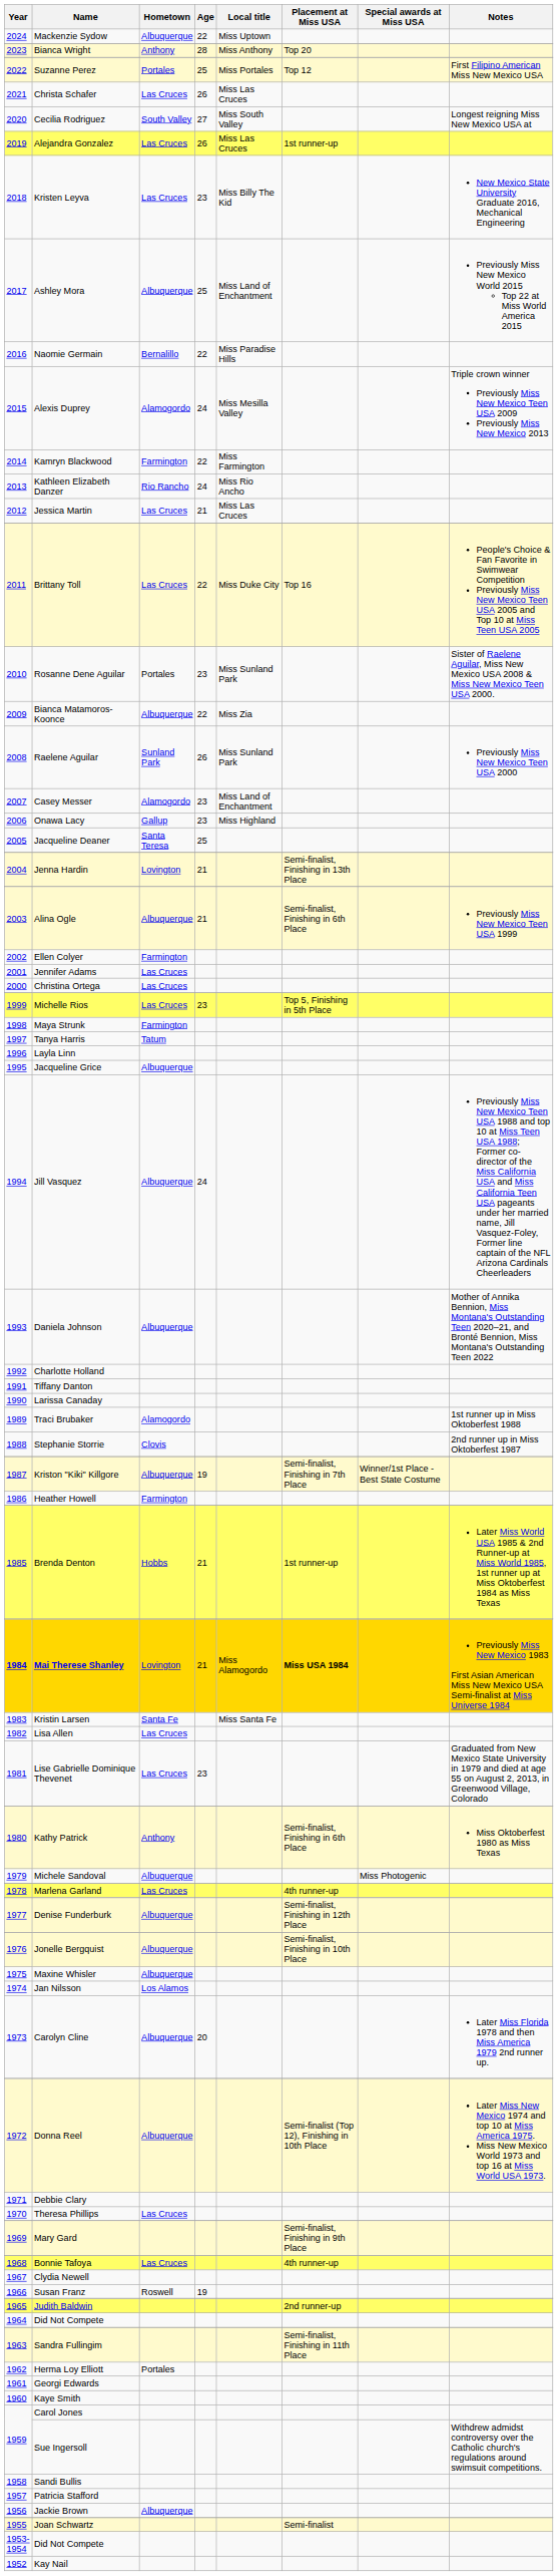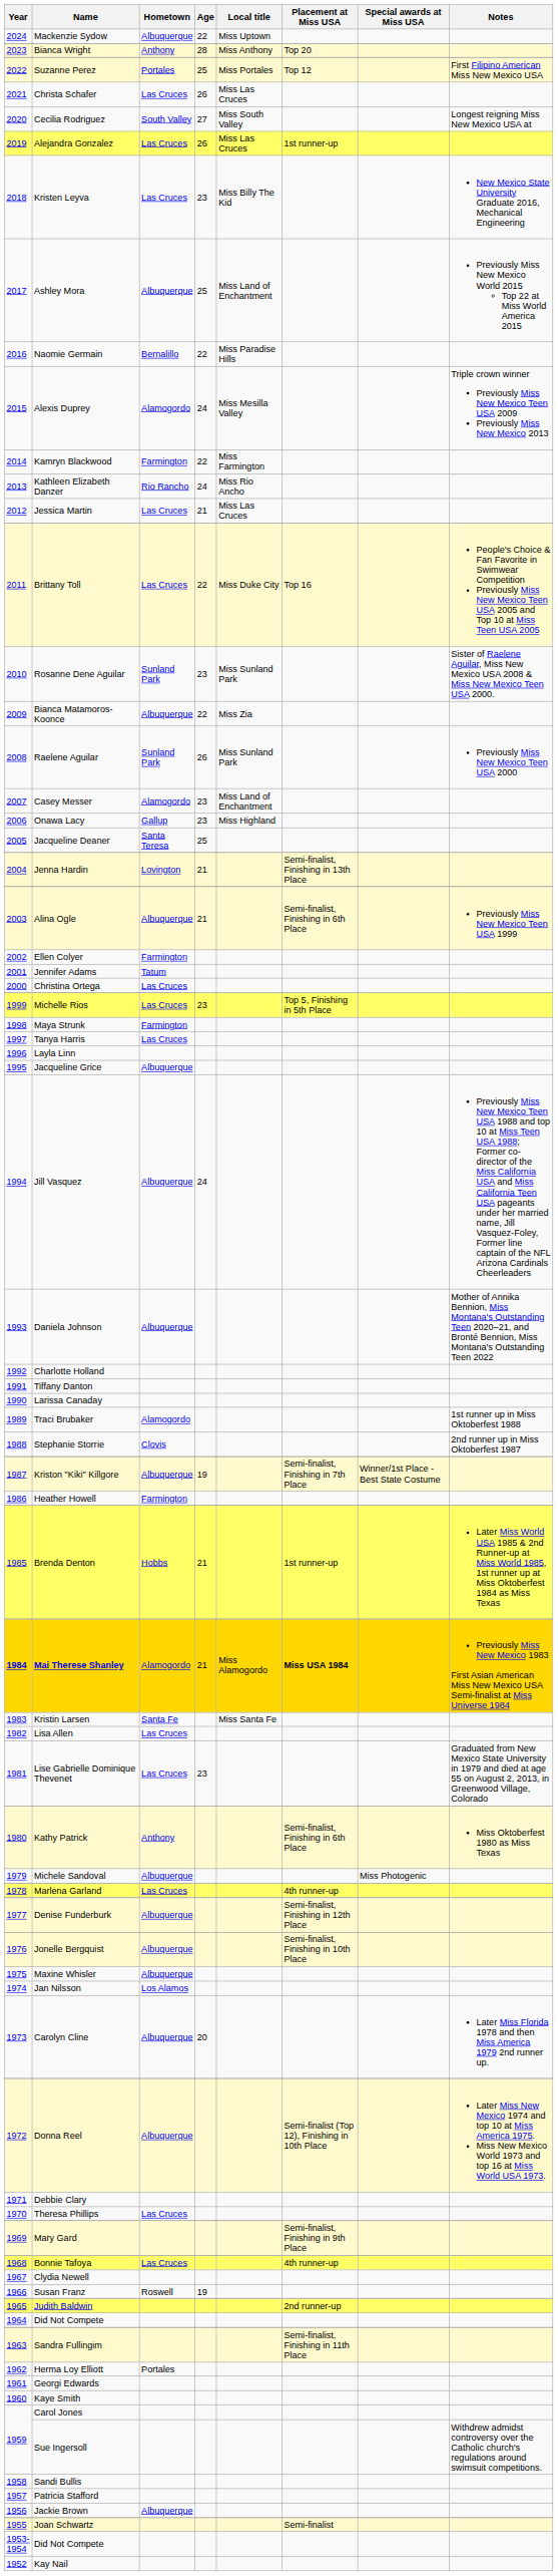 <table class="wikitable sortable" style="font-size:90%;">
 <tr bgcolor="#efefef">
 <th width=5%>Year</th>
 <th width=20%>Name</th>
 <th width=10%>Hometown</th>
 <th width=3%>Age</th>
 <th width="12%">Local title</th>
 <th width=14%>Placement at Miss USA</th>
 <th width=17%>Special awards at Miss USA</th>
 <th width=31%>Notes</th>
 </tr>
 <tr>
 <td><a href='#'>2024</a></td>
 <td>Mackenzie Sydow</td>
 <td><a href='#'>Albuquerque</a></td>
 <td>22</td>
 <td>Miss Uptown</td>
 <td></td>
 <td></td>
 <td></td>
 </tr>
 <tr>
 </tr>
 <tr style="background-color:#FFFACD;">
 <td><a href='#'>2023</a></td>
 <td>Bianca Wright</td>
 <td><a href='#'>Anthony</a></td>
 <td>28</td>
 <td>Miss Anthony</td>
 <td>Top 20</td>
 <td></td>
 <td></td>
 </tr>
 <tr>
 </tr>
 <tr style="background-color:#FFFACD;">
 <td><a href='#'>2022</a></td>
 <td>Suzanne Perez</td>
 <td><a href='#'>Portales</a></td>
 <td>25</td>
 <td>Miss Portales</td>
 <td>Top 12</td>
 <td></td>
 <td>First <a href='#'>Filipino American</a> Miss New Mexico USA</td>
 </tr>
 <tr>
 <td><a href='#'>2021</a></td>
 <td>Christa Schafer</td>
 <td><a href='#'>Las Cruces</a></td>
 <td>26</td>
 <td>Miss Las Cruces</td>
 <td></td>
 <td></td>
 <td></td>
 </tr>
 <tr>
 <td><a href='#'>2020</a></td>
 <td>Cecilia Rodriguez</td>
 <td><a href='#'>South Valley</a></td>
 <td>27</td>
 <td>Miss South Valley</td>
 <td></td>
 <td></td>
 <td>Longest reigning Miss New Mexico USA at </td>
 </tr>
 <tr style="background-color:#FFFF66;">
 <td><a href='#'>2019</a></td>
 <td>Alejandra Gonzalez</td>
 <td><a href='#'>Las Cruces</a></td>
 <td>26</td>
 <td>Miss Las Cruces</td>
 <td>1st runner-up</td>
 <td></td>
 <td></td>
 </tr>
 <tr>
 <td><a href='#'>2018</a></td>
 <td>Kristen Leyva</td>
 <td><a href='#'>Las Cruces</a></td>
 <td>23</td>
 <td>Miss Billy The Kid</td>
 <td></td>
 <td></td>
 <td><br><ul><li><a href='#'>New Mexico State University</a> Graduate 2016, Mechanical Engineering</li></ul></td>
 </tr>
 <tr>
 <td><a href='#'>2017</a></td>
 <td>Ashley Mora</td>
 <td><a href='#'>Albuquerque</a></td>
 <td>25</td>
 <td>Miss Land of Enchantment</td>
 <td></td>
 <td></td>
 <td><br><ul><li>Previously Miss New Mexico World 2015<ul><li>Top 22 at Miss World America 2015</li></ul></li></ul></td>
 </tr>
 <tr>
 <td><a href='#'>2016</a></td>
 <td>Naomie Germain</td>
 <td><a href='#'>Bernalillo</a></td>
 <td>22</td>
 <td>Miss Paradise Hills</td>
 <td></td>
 <td></td>
 <td></td>
 </tr>
 <tr>
 <td><a href='#'>2015</a></td>
 <td>Alexis Duprey</td>
 <td><a href='#'>Alamogordo</a></td>
 <td>24</td>
 <td>Miss Mesilla Valley</td>
 <td></td>
 <td></td>
 <td>Triple crown winner<br><ul><li>Previously <a href='#'>Miss New Mexico Teen USA</a> 2009</li><li>Previously <a href='#'>Miss New Mexico</a> 2013</li></ul></td>
 </tr>
 <tr>
 <td><a href='#'>2014</a></td>
 <td>Kamryn Blackwood</td>
 <td><a href='#'>Farmington</a></td>
 <td>22</td>
 <td>Miss Farmington</td>
 <td></td>
 <td></td>
 <td></td>
 </tr>
 <tr>
 <td><a href='#'>2013</a></td>
 <td>Kathleen Elizabeth Danzer</td>
 <td><a href='#'>Rio Rancho</a></td>
 <td>24</td>
 <td>Miss Rio Ancho</td>
 <td></td>
 <td></td>
 <td></td>
 </tr>
 <tr>
 <td><a href='#'>2012</a></td>
 <td>Jessica Martin</td>
 <td><a href='#'>Las Cruces</a></td>
 <td>21</td>
 <td>Miss Las Cruces</td>
 <td></td>
 <td></td>
 <td></td>
 </tr>
 <tr>
 </tr>
 <tr style="background-color:#FFFACD;">
 <td><a href='#'>2011</a></td>
 <td>Brittany Toll</td>
 <td><a href='#'>Las Cruces</a></td>
 <td>22</td>
 <td>Miss Duke City</td>
 <td>Top 16</td>
 <td></td>
 <td><br><ul><li>People's Choice & Fan Favorite in Swimwear Competition</li><li>Previously <a href='#'>Miss New Mexico Teen USA</a> 2005 and Top 10 at <a href='#'>Miss Teen USA 2005</a></li></ul></td>
 </tr>
 <tr>
 <td><a href='#'>2010</a></td>
 <td>Rosanne Dene Aguilar</td>
-<td>Portales</td>
+<td><a href='#'>Sunland Park</a></td>
 <td>23</td>
 <td>Miss Sunland Park</td>
 <td></td>
 <td></td>
 <td>Sister of <a href='#'>Raelene Aguilar</a>, Miss New Mexico USA 2008 & <a href='#'>Miss New Mexico Teen USA</a> 2000.</td>
 </tr>
 <tr>
 <td><a href='#'>2009</a></td>
 <td>Bianca Matamoros-Koonce</td>
 <td><a href='#'>Albuquerque</a></td>
 <td>22</td>
 <td>Miss Zia</td>
 <td></td>
 <td></td>
 <td></td>
 </tr>
 <tr>
 <td><a href='#'>2008</a></td>
 <td>Raelene Aguilar</td>
 <td><a href='#'>Sunland Park</a></td>
 <td>26</td>
 <td>Miss Sunland Park</td>
 <td></td>
 <td></td>
 <td><br><ul><li>Previously <a href='#'>Miss New Mexico Teen USA</a> 2000</li></ul></td>
 </tr>
 <tr>
 <td><a href='#'>2007</a></td>
 <td>Casey Messer</td>
 <td><a href='#'>Alamogordo</a></td>
 <td>23</td>
 <td>Miss Land of Enchantment</td>
 <td></td>
 <td></td>
 <td></td>
 </tr>
 <tr>
 <td><a href='#'>2006</a></td>
 <td>Onawa Lacy</td>
 <td><a href='#'>Gallup</a></td>
 <td>23</td>
 <td>Miss Highland</td>
 <td></td>
 <td></td>
 </tr>
 <tr>
 <td><a href='#'>2005</a></td>
 <td>Jacqueline Deaner</td>
 <td><a href='#'>Santa Teresa</a></td>
 <td>25</td>
 <td></td>
 <td></td>
 <td></td>
 <td></td>
 </tr>
 <tr>
 </tr>
 <tr style="background-color:#FFFACD;">
 <td><a href='#'>2004</a></td>
 <td>Jenna Hardin</td>
 <td><a href='#'>Lovington</a></td>
 <td>21</td>
 <td></td>
 <td>Semi-finalist, Finishing in 13th Place</td>
 <td></td>
 <td></td>
 </tr>
 <tr>
 </tr>
 <tr style="background-color:#FFFACD;">
 <td><a href='#'>2003</a></td>
 <td>Alina Ogle</td>
 <td><a href='#'>Albuquerque</a></td>
 <td>21</td>
 <td></td>
 <td>Semi-finalist, Finishing in 6th Place</td>
 <td></td>
 <td><br><ul><li>Previously <a href='#'>Miss New Mexico Teen USA</a> 1999</li></ul></td>
 </tr>
 <tr>
 <td><a href='#'>2002</a></td>
 <td>Ellen Colyer</td>
 <td><a href='#'>Farmington</a></td>
 <td></td>
 <td></td>
 <td></td>
 <td></td>
 <td></td>
 </tr>
 <tr>
 <td><a href='#'>2001</a></td>
 <td>Jennifer Adams</td>
-<td><a href='#'>Las Cruces</a></td>
+<td><a href='#'>Tatum</a></td>
 <td></td>
 <td></td>
 <td></td>
 <td></td>
 <td></td>
 </tr>
 <tr>
 <td><a href='#'>2000</a></td>
 <td>Christina Ortega</td>
 <td><a href='#'>Las Cruces</a></td>
 <td></td>
 <td></td>
 <td></td>
 <td></td>
 <td></td>
 </tr>
 <tr>
 </tr>
 <tr style="background-color:#FFFF66;">
 <td><a href='#'>1999</a></td>
 <td>Michelle Rios</td>
 <td><a href='#'>Las Cruces</a></td>
 <td>23</td>
 <td></td>
 <td>Top 5, Finishing in 5th Place</td>
 <td></td>
 <td></td>
 </tr>
 <tr>
 <td><a href='#'>1998</a></td>
 <td>Maya Strunk</td>
 <td><a href='#'>Farmington</a></td>
 <td></td>
 <td></td>
 <td></td>
 <td></td>
 <td></td>
 </tr>
 <tr>
 <td><a href='#'>1997</a></td>
 <td>Tanya Harris</td>
-<td><a href='#'>Tatum</a></td>
+<td><a href='#'>Las Cruces</a></td>
 <td></td>
 <td></td>
 <td></td>
 <td></td>
 <td></td>
 </tr>
 <tr>
 <td><a href='#'>1996</a></td>
 <td>Layla Linn</td>
 <td></td>
 <td></td>
 <td></td>
 <td></td>
 <td></td>
 <td></td>
 </tr>
 <tr>
 <td><a href='#'>1995</a></td>
 <td>Jacqueline Grice</td>
 <td><a href='#'>Albuquerque</a></td>
 <td></td>
 <td></td>
 <td></td>
 <td></td>
 <td></td>
 </tr>
 <tr>
 <td><a href='#'>1994</a></td>
 <td>Jill Vasquez</td>
 <td><a href='#'>Albuquerque</a></td>
 <td>24</td>
 <td></td>
 <td></td>
 <td></td>
 <td><br><ul><li>Previously <a href='#'>Miss New Mexico Teen USA</a> 1988 and top 10 at <a href='#'>Miss Teen USA 1988</a>; Former co-director of the <a href='#'>Miss California USA</a> and <a href='#'>Miss California Teen USA</a> pageants under her married name, Jill Vasquez-Foley, Former line captain of the NFL Arizona Cardinals Cheerleaders</li></ul></td>
 </tr>
 <tr>
 <td><a href='#'>1993</a></td>
 <td>Daniela Johnson</td>
 <td><a href='#'>Albuquerque</a></td>
 <td></td>
 <td></td>
 <td></td>
 <td></td>
 <td>Mother of Annika Bennion, <a href='#'>Miss Montana's Outstanding Teen</a> 2020–21, and Bronté Bennion, Miss Montana's Outstanding Teen 2022</td>
 </tr>
 <tr>
 <td><a href='#'>1992</a></td>
 <td>Charlotte Holland</td>
 <td></td>
 <td></td>
 <td></td>
 <td></td>
 <td></td>
 <td></td>
 </tr>
 <tr>
 <td><a href='#'>1991</a></td>
 <td>Tiffany Danton</td>
 <td></td>
 <td></td>
 <td></td>
 <td></td>
 <td></td>
 <td></td>
 </tr>
 <tr>
 <td><a href='#'>1990</a></td>
 <td>Larissa Canaday</td>
 <td></td>
 <td></td>
 <td></td>
 <td></td>
 <td></td>
 <td></td>
 </tr>
 <tr>
 <td><a href='#'>1989</a></td>
 <td>Traci Brubaker</td>
 <td><a href='#'>Alamogordo</a></td>
 <td></td>
 <td></td>
 <td></td>
 <td></td>
 <td>1st runner up in Miss Oktoberfest 1988</td>
 </tr>
 <tr>
 <td><a href='#'>1988</a></td>
 <td>Stephanie Storrie</td>
 <td><a href='#'>Clovis</a></td>
 <td></td>
 <td></td>
 <td></td>
 <td></td>
 <td>2nd runner up in Miss Oktoberfest 1987</td>
 </tr>
 <tr>
 </tr>
 <tr style="background-color:#FFFACD;">
 <td><a href='#'>1987</a></td>
 <td>Kriston "Kiki" Killgore</td>
 <td><a href='#'>Albuquerque</a></td>
 <td>19</td>
 <td></td>
 <td>Semi-finalist, Finishing in 7th Place</td>
 <td>Winner/1st Place - Best State Costume</td>
 <td></td>
 </tr>
 <tr>
 <td><a href='#'>1986</a></td>
 <td>Heather Howell</td>
 <td><a href='#'>Farmington</a></td>
 <td></td>
 <td></td>
 <td></td>
 <td></td>
 <td></td>
 </tr>
 <tr>
 </tr>
 <tr style="background-color:#FFFF66;">
 <td><a href='#'>1985</a></td>
 <td>Brenda Denton</td>
 <td><a href='#'>Hobbs</a></td>
 <td>21</td>
 <td></td>
 <td>1st runner-up</td>
 <td></td>
 <td><br><ul><li>Later <a href='#'>Miss World USA</a> 1985 & 2nd Runner-up at <a href='#'>Miss World 1985</a>, 1st runner up at Miss Oktoberfest 1984 as Miss Texas</li></ul></td>
 </tr>
 <tr>
 </tr>
 <tr style="background-color:GOLD;">
 <td><strong><a href='#'>1984</a></strong></td>
 <td><strong><a href='#'>Mai Therese Shanley</a></strong></td>
-<td><a href='#'>Lovington</a></td>
+<td><a href='#'>Alamogordo</a></td>
 <td>21</td>
 <td>Miss Alamogordo</td>
 <td><strong>Miss USA 1984</strong></td>
 <td></td>
 <td><br><ul><li>Previously <a href='#'>Miss New Mexico</a> 1983</li></ul>First Asian American Miss New Mexico USA<br> Semi-finalist at <a href='#'>Miss Universe 1984</a></td>
 </tr>
 <tr>
 <td><a href='#'>1983</a></td>
 <td>Kristin Larsen</td>
 <td><a href='#'>Santa Fe</a></td>
 <td></td>
 <td>Miss Santa Fe</td>
 <td></td>
 <td></td>
 <td></td>
 </tr>
 <tr>
 <td><a href='#'>1982</a></td>
 <td>Lisa Allen</td>
 <td><a href='#'>Las Cruces</a></td>
 <td></td>
 <td></td>
 <td></td>
 <td></td>
 <td></td>
 </tr>
 <tr>
 <td><a href='#'>1981</a></td>
 <td>Lise Gabrielle Dominique Thevenet</td>
 <td><a href='#'>Las Cruces</a></td>
 <td>23</td>
 <td></td>
 <td></td>
 <td></td>
 <td>Graduated from New Mexico State University in 1979 and died at age 55 on August 2, 2013, in Greenwood Village, Colorado</td>
 </tr>
 <tr>
 </tr>
 <tr style="background-color:#FFFACD;">
 <td><a href='#'>1980</a></td>
 <td>Kathy Patrick</td>
 <td><a href='#'>Anthony</a></td>
 <td></td>
 <td></td>
 <td>Semi-finalist, Finishing in 6th Place</td>
 <td></td>
 <td><br><ul><li>Miss Oktoberfest 1980 as Miss Texas</li></ul></td>
 </tr>
 <tr>
 <td><a href='#'>1979</a></td>
 <td>Michele Sandoval</td>
 <td><a href='#'>Albuquerque</a></td>
 <td></td>
 <td></td>
 <td></td>
 <td>Miss Photogenic</td>
 <td></td>
 </tr>
 <tr>
 </tr>
 <tr style="background-color:#FFFF66;">
 <td><a href='#'>1978</a></td>
 <td>Marlena Garland</td>
 <td><a href='#'>Las Cruces</a></td>
 <td></td>
 <td></td>
 <td>4th runner-up</td>
 <td></td>
 <td></td>
 </tr>
 <tr>
 </tr>
 <tr style="background-color:#FFFACD;">
 <td><a href='#'>1977</a></td>
 <td>Denise Funderburk</td>
 <td><a href='#'>Albuquerque</a></td>
 <td></td>
 <td></td>
 <td>Semi-finalist, Finishing in 12th Place</td>
 <td></td>
 <td></td>
 </tr>
 <tr>
 </tr>
 <tr style="background-color:#FFFACD;">
 <td><a href='#'>1976</a></td>
 <td>Jonelle Bergquist</td>
 <td><a href='#'>Albuquerque</a></td>
 <td></td>
 <td></td>
 <td>Semi-finalist, Finishing in 10th Place</td>
 <td></td>
 <td></td>
 </tr>
 <tr>
 <td><a href='#'>1975</a></td>
 <td>Maxine Whisler</td>
 <td><a href='#'>Albuquerque</a></td>
 <td></td>
 <td></td>
 <td></td>
 <td></td>
 <td></td>
 </tr>
 <tr>
 <td><a href='#'>1974</a></td>
 <td>Jan Nilsson</td>
 <td><a href='#'>Los Alamos</a></td>
 <td></td>
 <td></td>
 <td></td>
 <td></td>
 <td></td>
 </tr>
 <tr>
 <td><a href='#'>1973</a></td>
 <td>Carolyn Cline</td>
 <td><a href='#'>Albuquerque</a></td>
 <td>20</td>
 <td></td>
 <td></td>
 <td></td>
 <td><br><ul><li>Later <a href='#'>Miss Florida</a> 1978 and then <a href='#'>Miss America 1979</a> 2nd runner up.</li></ul></td>
 </tr>
 <tr>
 </tr>
 <tr style="background-color:#FFFACD;">
 <td><a href='#'>1972</a></td>
 <td>Donna Reel</td>
 <td><a href='#'>Albuquerque</a></td>
 <td></td>
 <td></td>
 <td>Semi-finalist (Top 12), Finishing in 10th Place</td>
 <td></td>
 <td><br><ul><li>Later <a href='#'>Miss New Mexico</a> 1974 and top 10 at <a href='#'>Miss America 1975</a>.</li><li>Miss New Mexico World 1973 and top 16 at <a href='#'>Miss World USA 1973</a>.</li></ul></td>
 </tr>
 <tr>
 <td><a href='#'>1971</a></td>
 <td>Debbie Clary</td>
 <td></td>
 <td></td>
 <td></td>
 <td></td>
 <td></td>
 <td></td>
 </tr>
 <tr>
 <td><a href='#'>1970</a></td>
 <td>Theresa Phillips</td>
 <td><a href='#'>Las Cruces</a></td>
 <td></td>
 <td></td>
 <td></td>
 <td></td>
 <td></td>
 </tr>
 <tr>
 </tr>
 <tr style="background-color:#FFFACD;">
 <td><a href='#'>1969</a></td>
 <td>Mary Gard</td>
 <td></td>
 <td></td>
 <td></td>
 <td>Semi-finalist, Finishing in 9th Place</td>
 <td></td>
 <td></td>
 </tr>
 <tr>
 </tr>
 <tr style="background-color:#FFFF66;">
 <td><a href='#'>1968</a></td>
 <td>Bonnie Tafoya</td>
 <td><a href='#'>Las Cruces</a></td>
 <td></td>
 <td></td>
 <td>4th runner-up</td>
 <td></td>
 <td></td>
 </tr>
 <tr>
 <td><a href='#'>1967</a></td>
 <td>Clydia Newell</td>
 <td></td>
 <td></td>
 <td></td>
 <td></td>
 <td></td>
 <td></td>
 </tr>
 <tr>
 <td><a href='#'>1966</a></td>
 <td>Susan Franz</td>
 <td>Roswell</td>
 <td>19</td>
 <td></td>
 <td></td>
 <td></td>
 <td></td>
 </tr>
 <tr>
 </tr>
 <tr style="background-color:#FFFF66;">
 <td><a href='#'>1965</a></td>
 <td><a href='#'>Judith Baldwin</a></td>
 <td></td>
 <td></td>
 <td></td>
 <td>2nd runner-up</td>
 <td></td>
 <td></td>
 </tr>
 <tr>
 <td><a href='#'>1964</a></td>
 <td>Did Not Compete</td>
 <td></td>
 <td></td>
 <td></td>
 <td></td>
 <td></td>
 <td></td>
 </tr>
 <tr>
 </tr>
 <tr style="background-color:#FFFACD;">
 <td><a href='#'>1963</a></td>
 <td>Sandra Fullingim</td>
 <td></td>
 <td></td>
 <td></td>
 <td>Semi-finalist, Finishing in 11th Place</td>
 <td></td>
 <td></td>
 </tr>
 <tr>
 <td><a href='#'>1962</a></td>
 <td>Herma Loy Elliott</td>
 <td>Portales</td>
 <td></td>
 <td></td>
 <td></td>
 <td></td>
 <td></td>
 </tr>
 <tr>
 <td><a href='#'>1961</a></td>
 <td>Georgi Edwards</td>
 <td></td>
 <td></td>
 <td></td>
 <td></td>
 <td></td>
 <td></td>
 </tr>
 <tr>
 <td><a href='#'>1960</a></td>
 <td>Kaye Smith</td>
 <td></td>
 <td></td>
 <td></td>
 <td></td>
 <td></td>
 <td></td>
 </tr>
 <tr>
 <td rowspan=2><a href='#'>1959</a></td>
 <td>Carol Jones</td>
 <td></td>
 <td></td>
 <td></td>
 <td></td>
 <td></td>
 <td></td>
 </tr>
 <tr>
 <td>Sue Ingersoll</td>
 <td></td>
 <td></td>
 <td></td>
 <td></td>
 <td></td>
 <td>Withdrew admidst controversy over the Catholic church's regulations around swimsuit competitions.</td>
 </tr>
 <tr>
 <td><a href='#'>1958</a></td>
 <td>Sandi Bullis</td>
 <td></td>
 <td></td>
 <td></td>
 <td></td>
 <td></td>
 <td></td>
 </tr>
 <tr>
 <td><a href='#'>1957</a></td>
 <td>Patricia Stafford</td>
 <td></td>
 <td></td>
 <td></td>
 <td></td>
 <td></td>
 <td></td>
 </tr>
 <tr>
 <td><a href='#'>1956</a></td>
 <td>Jackie Brown</td>
 <td><a href='#'>Albuquerque</a></td>
 <td></td>
 <td></td>
 <td></td>
 <td></td>
 <td></td>
 </tr>
 <tr>
 </tr>
 <tr style="background-color:#FFFACD;">
 <td><a href='#'>1955</a></td>
 <td>Joan Schwartz</td>
 <td></td>
 <td></td>
 <td></td>
 <td>Semi-finalist</td>
 <td></td>
 <td></td>
 </tr>
 <tr>
 <td><a href='#'>1953-1954</a></td>
 <td>Did Not Compete</td>
 <td></td>
 <td></td>
 <td></td>
 <td></td>
 <td></td>
 <td></td>
 </tr>
 <tr>
 <td><a href='#'>1952</a></td>
 <td>Kay Nail</td>
 <td></td>
 <td></td>
 <td></td>
 <td></td>
 <td></td>
 <td></td>
 </tr>
 </table>
